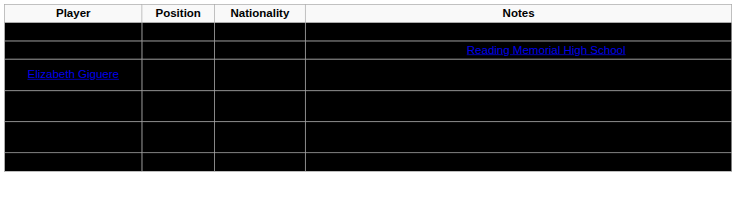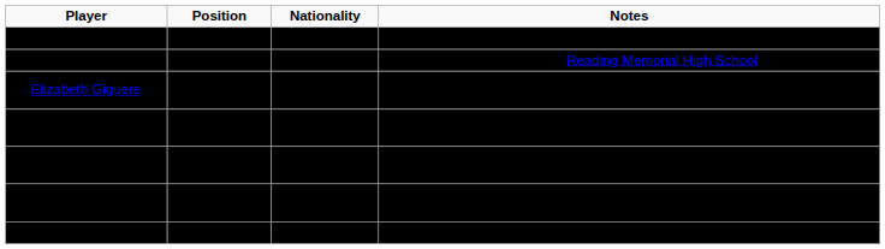 <table class="wikitable" width="80%">
 <tr align="center">
 <td><strong>Player</strong></td>
 <td><strong>Position</strong></td>
 <td><strong>Nationality</strong></td>
 <td><strong>Notes</strong></td>
 </tr>
 <tr align="center" bgcolor=" ">
 <td>Michaela Boyle</td>
-<td>Forward</td>
+<td>Defense</td>
 <td></td>
 <td>Played for Boston Shamrocks</td>
 </tr>
 <tr align="center" bgcolor=" ">
 <td>Kia Castonguay</td>
-<td>Forward</td>
+<td>Goaltender</td>
 <td></td>
 <td>Played for <a href='#'>Reading Memorial High School</a></td>
 </tr>
 <tr align="center" bgcolor=" ">
 <td><a href='#'>Elizabeth Giguere</a></td>
 <td>Forward</td>
 <td></td>
 <td>Played for Limoilou Titans <br> Winner of silver medal at 2017 Nations Cup</td>
 </tr>
 <tr align="center" bgcolor=" ">
 <td>Meaghan Hector</td>
 <td>Defense</td>
 <td></td>
 <td>Played for Oakville Jr. Hornets <br> Winner of silver medal at 2017 IIHF U18 Women's Worlds</td>
 </tr>
 <tr align="center" bgcolor=" ">
+<td>Avery Mitchell</td>
+<td>Defense</td>
+<td></td>
+<td>Played for Toronto Jr. Aeros <br> Winner of silver medal at 2017 IIHF U18 Women's Worlds</td>
+</tr>
+<tr align="center" bgcolor=" ">
 <td>Kristy Pidgeon</td>
 <td>Defense</td>
 <td></td>
 <td>Played for Nepean Jr. Wildcats <br> Member of 2015 and 2016 U18 Team Ontario</td>
 </tr>
 <tr align="center" bgcolor=" ">
 <td>Tia Stoddard</td>
 <td>Forward</td>
 <td></td>
 <td><strong>Played for Nepean Jr. Wildcats</strong></td>
 </tr>
 </table>
